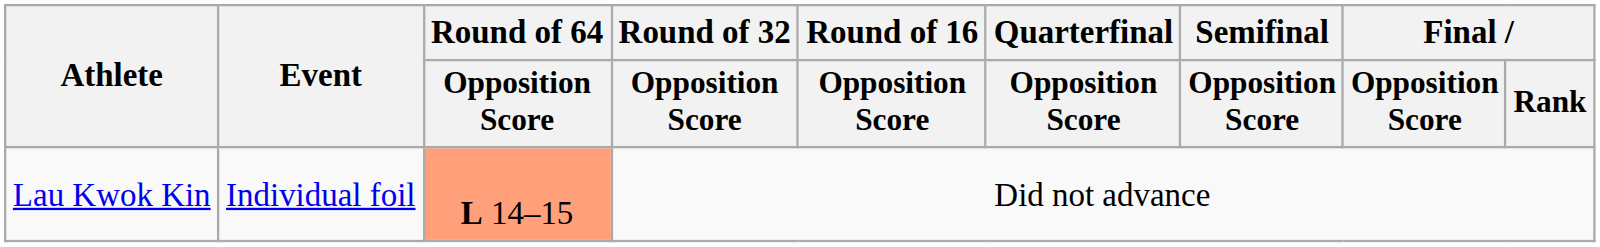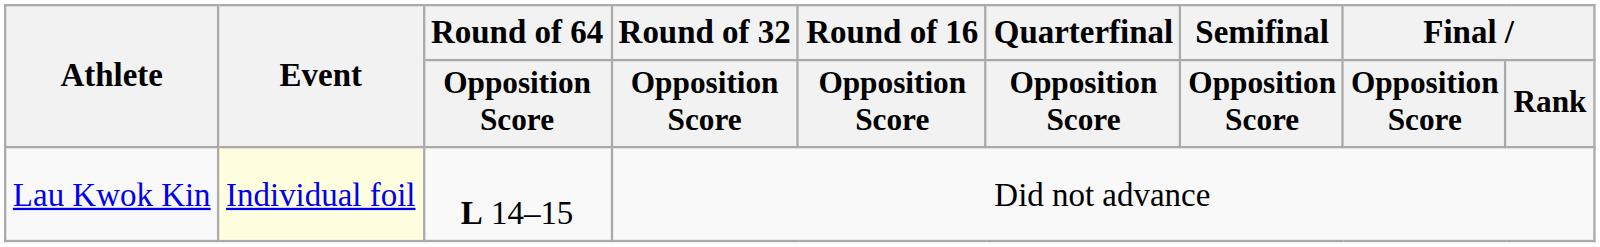 <table class="wikitable" style="font-size:90%">
 <tr>
 <th rowspan="2">Athlete</th>
 <th rowspan="2">Event</th>
 <th>Round of 64</th>
 <th>Round of 32</th>
 <th>Round of 16</th>
 <th>Quarterfinal</th>
 <th>Semifinal</th>
 <th colspan=2>Final / </th>
 </tr>
 <tr style="font-size:95%">
 <th>Opposition <br> Score</th>
 <th>Opposition <br> Score</th>
 <th>Opposition <br> Score</th>
 <th>Opposition <br> Score</th>
 <th>Opposition <br> Score</th>
 <th>Opposition <br> Score</th>
 <th>Rank</th>
 </tr>
 <tr align=center>
 <td align=left><a href='#'>Lau Kwok Kin</a></td>
-<td align=left><a href='#'>Individual foil</a></td>
-<td style="background: lightsalmon;"><br><strong>L</strong> 14–15</td>
+<td align=left style="background: lightyellow;"><a href='#'>Individual foil</a></td>
+<td><br><strong>L</strong> 14–15</td>
 <td colspan=6>Did not advance</td>
 </tr>
 </table>
